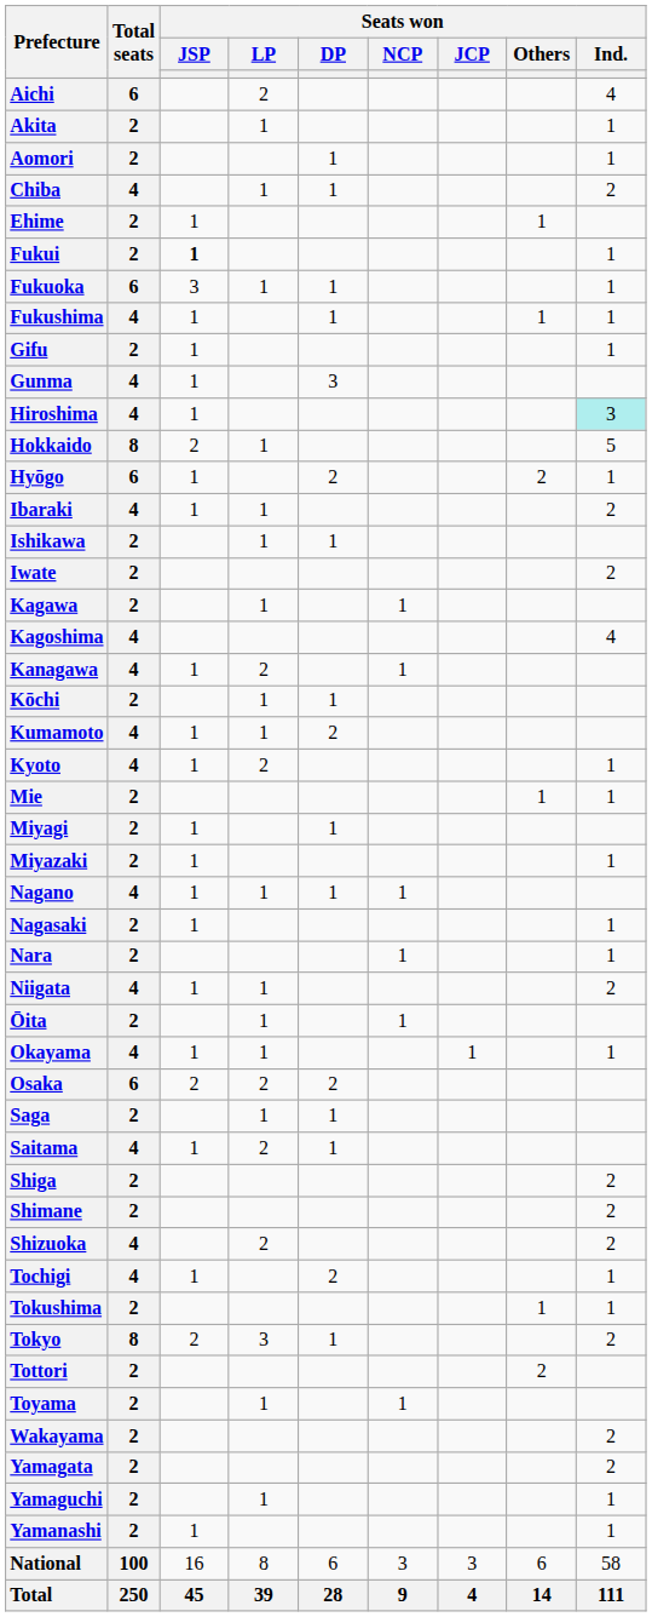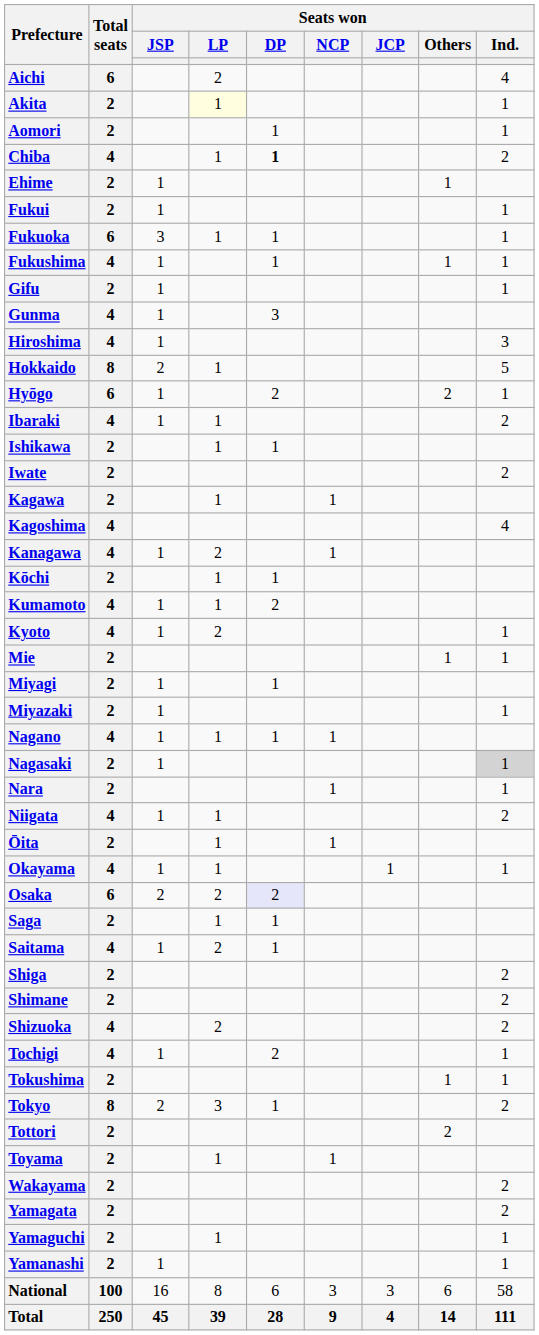 <table class="wikitable" style="text-align:center; font-size: 0.9em;">
 <tr>
 <th rowspan="3">Prefecture</th>
 <th rowspan="3">Total<br>seats</th>
 <th colspan="7">Seats won</th>
 </tr>
 <tr>
 <th class="unsortable" style="width:45px;"><a href='#'>JSP</a></th>
 <th class="unsortable" style="width:45px;"><a href='#'>LP</a></th>
 <th class="unsortable" style="width:45px;"><a href='#'>DP</a></th>
 <th class="unsortable" style="width:45px;"><a href='#'>NCP</a></th>
 <th class="unsortable" style="width:45px;"><a href='#'>JCP</a></th>
 <th class="unsortable" style="width:45px;">Others</th>
 <th class="unsortable" style="width:45px;">Ind.</th>
 </tr>
 <tr>
 <th style="background:"></th>
 <th style="background:"></th>
 <th style="background:"></th>
 <th style="background:"></th>
 <th style="background:"></th>
 <th></th>
 <th style="background:"></th>
 </tr>
 <tr>
 <th style="text-align: left;"><a href='#'>Aichi</a></th>
 <th>6</th>
 <td></td>
 <td>2</td>
 <td></td>
 <td></td>
 <td></td>
 <td></td>
 <td>4</td>
 </tr>
 <tr>
 <th style="text-align: left;"><a href='#'>Akita</a></th>
 <th>2</th>
 <td></td>
-<td>1</td>
+<td style="background: lightyellow;">1</td>
 <td></td>
 <td></td>
 <td></td>
 <td></td>
 <td>1</td>
 </tr>
 <tr>
 <th style="text-align: left;"><a href='#'>Aomori</a></th>
 <th>2</th>
 <td></td>
 <td></td>
 <td>1</td>
 <td></td>
 <td></td>
 <td></td>
 <td>1</td>
 </tr>
 <tr>
 <th style="text-align: left;"><a href='#'>Chiba</a></th>
 <th>4</th>
 <td></td>
 <td>1</td>
-<td>1</td>
+<td><strong>1</strong></td>
 <td></td>
 <td></td>
 <td></td>
 <td>2</td>
 </tr>
 <tr>
 <th style="text-align: left;"><a href='#'>Ehime</a></th>
 <th>2</th>
 <td>1</td>
 <td></td>
 <td></td>
 <td></td>
 <td></td>
 <td>1</td>
 <td></td>
 </tr>
 <tr>
 <th style="text-align: left;"><a href='#'>Fukui</a></th>
 <th>2</th>
-<td><strong>1</strong></td>
+<td>1</td>
 <td></td>
 <td></td>
 <td></td>
 <td></td>
 <td></td>
 <td>1</td>
 </tr>
 <tr>
 <th style="text-align: left;"><a href='#'>Fukuoka</a></th>
 <th>6</th>
 <td>3</td>
 <td>1</td>
 <td>1</td>
 <td></td>
 <td></td>
 <td></td>
 <td>1</td>
 </tr>
 <tr>
 <th style="text-align: left;"><a href='#'>Fukushima</a></th>
 <th>4</th>
 <td>1</td>
 <td></td>
 <td>1</td>
 <td></td>
 <td></td>
 <td>1</td>
 <td>1</td>
 </tr>
 <tr>
 <th style="text-align: left;"><a href='#'>Gifu</a></th>
 <th>2</th>
 <td>1</td>
 <td></td>
 <td></td>
 <td></td>
 <td></td>
 <td></td>
 <td>1</td>
 </tr>
 <tr>
 <th style="text-align: left;"><a href='#'>Gunma</a></th>
 <th>4</th>
 <td>1</td>
 <td></td>
 <td>3</td>
 <td></td>
 <td></td>
 <td></td>
 <td></td>
 </tr>
 <tr>
 <th style="text-align: left;"><a href='#'>Hiroshima</a></th>
 <th>4</th>
 <td>1</td>
 <td></td>
 <td></td>
 <td></td>
 <td></td>
 <td></td>
-<td style="background: paleturquoise;">3</td>
+<td>3</td>
 </tr>
 <tr>
 <th style="text-align: left;"><a href='#'>Hokkaido</a></th>
 <th>8</th>
 <td>2</td>
 <td>1</td>
 <td></td>
 <td></td>
 <td></td>
 <td></td>
 <td>5</td>
 </tr>
 <tr>
 <th style="text-align: left;"><a href='#'>Hyōgo</a></th>
 <th>6</th>
 <td>1</td>
 <td></td>
 <td>2</td>
 <td></td>
 <td></td>
 <td>2</td>
 <td>1</td>
 </tr>
 <tr>
 <th style="text-align: left;"><a href='#'>Ibaraki</a></th>
 <th>4</th>
 <td>1</td>
 <td>1</td>
 <td></td>
 <td></td>
 <td></td>
 <td></td>
 <td>2</td>
 </tr>
 <tr>
 <th style="text-align: left;"><a href='#'>Ishikawa</a></th>
 <th>2</th>
 <td></td>
 <td>1</td>
 <td>1</td>
 <td></td>
 <td></td>
 <td></td>
 <td></td>
 </tr>
 <tr>
 <th style="text-align: left;"><a href='#'>Iwate</a></th>
 <th>2</th>
 <td></td>
 <td></td>
 <td></td>
 <td></td>
 <td></td>
 <td></td>
 <td>2</td>
 </tr>
 <tr>
 <th style="text-align: left;"><a href='#'>Kagawa</a></th>
 <th>2</th>
 <td></td>
 <td>1</td>
 <td></td>
 <td>1</td>
 <td></td>
 <td></td>
 <td></td>
 </tr>
 <tr>
 <th style="text-align: left;"><a href='#'>Kagoshima</a></th>
 <th>4</th>
 <td></td>
 <td></td>
 <td></td>
 <td></td>
 <td></td>
 <td></td>
 <td>4</td>
 </tr>
 <tr>
 <th style="text-align: left;"><a href='#'>Kanagawa</a></th>
 <th>4</th>
 <td>1</td>
 <td>2</td>
 <td></td>
 <td>1</td>
 <td></td>
 <td></td>
 <td></td>
 </tr>
 <tr>
 <th style="text-align: left;"><a href='#'>Kōchi</a></th>
 <th>2</th>
 <td></td>
 <td>1</td>
 <td>1</td>
 <td></td>
 <td></td>
 <td></td>
 <td></td>
 </tr>
 <tr>
 <th style="text-align: left;"><a href='#'>Kumamoto</a></th>
 <th>4</th>
 <td>1</td>
 <td>1</td>
 <td>2</td>
 <td></td>
 <td></td>
 <td></td>
 <td></td>
 </tr>
 <tr>
 <th style="text-align: left;"><a href='#'>Kyoto</a></th>
 <th>4</th>
 <td>1</td>
 <td>2</td>
 <td></td>
 <td></td>
 <td></td>
 <td></td>
 <td>1</td>
 </tr>
 <tr>
 <th style="text-align: left;"><a href='#'>Mie</a></th>
 <th>2</th>
 <td></td>
 <td></td>
 <td></td>
 <td></td>
 <td></td>
 <td>1</td>
 <td>1</td>
 </tr>
 <tr>
 <th style="text-align: left;"><a href='#'>Miyagi</a></th>
 <th>2</th>
 <td>1</td>
 <td></td>
 <td>1</td>
 <td></td>
 <td></td>
 <td></td>
 <td></td>
 </tr>
 <tr>
 <th style="text-align: left;"><a href='#'>Miyazaki</a></th>
 <th>2</th>
 <td>1</td>
 <td></td>
 <td></td>
 <td></td>
 <td></td>
 <td></td>
 <td>1</td>
 </tr>
 <tr>
 <th style="text-align: left;"><a href='#'>Nagano</a></th>
 <th>4</th>
 <td>1</td>
 <td>1</td>
 <td>1</td>
 <td>1</td>
 <td></td>
 <td></td>
 <td></td>
 </tr>
 <tr>
 <th style="text-align: left;"><a href='#'>Nagasaki</a></th>
 <th>2</th>
 <td>1</td>
 <td></td>
 <td></td>
 <td></td>
 <td></td>
 <td></td>
-<td>1</td>
+<td style="background: lightgrey;">1</td>
 </tr>
 <tr>
 <th style="text-align: left;"><a href='#'>Nara</a></th>
 <th>2</th>
 <td></td>
 <td></td>
 <td></td>
 <td>1</td>
 <td></td>
 <td></td>
 <td>1</td>
 </tr>
 <tr>
 <th style="text-align: left;"><a href='#'>Niigata</a></th>
 <th>4</th>
 <td>1</td>
 <td>1</td>
 <td></td>
 <td></td>
 <td></td>
 <td></td>
 <td>2</td>
 </tr>
 <tr>
 <th style="text-align: left;"><a href='#'>Ōita</a></th>
 <th>2</th>
 <td></td>
 <td>1</td>
 <td></td>
 <td>1</td>
 <td></td>
 <td></td>
 <td></td>
 </tr>
 <tr>
 <th style="text-align: left;"><a href='#'>Okayama</a></th>
 <th>4</th>
 <td>1</td>
 <td>1</td>
 <td></td>
 <td></td>
 <td>1</td>
 <td></td>
 <td>1</td>
 </tr>
 <tr>
 <th style="text-align: left;"><a href='#'>Osaka</a></th>
 <th>6</th>
 <td>2</td>
 <td>2</td>
-<td>2</td>
+<td style="background: lavender;">2</td>
 <td></td>
 <td></td>
 <td></td>
 <td></td>
 </tr>
 <tr>
 <th style="text-align: left;"><a href='#'>Saga</a></th>
 <th>2</th>
 <td></td>
 <td>1</td>
 <td>1</td>
 <td></td>
 <td></td>
 <td></td>
 <td></td>
 </tr>
 <tr>
 <th style="text-align: left;"><a href='#'>Saitama</a></th>
 <th>4</th>
 <td>1</td>
 <td>2</td>
 <td>1</td>
 <td></td>
 <td></td>
 <td></td>
 <td></td>
 </tr>
 <tr>
 <th style="text-align: left;"><a href='#'>Shiga</a></th>
 <th>2</th>
 <td></td>
 <td></td>
 <td></td>
 <td></td>
 <td></td>
 <td></td>
 <td>2</td>
 </tr>
 <tr>
 <th style="text-align: left;"><a href='#'>Shimane</a></th>
 <th>2</th>
 <td></td>
 <td></td>
 <td></td>
 <td></td>
 <td></td>
 <td></td>
 <td>2</td>
 </tr>
 <tr>
 <th style="text-align: left;"><a href='#'>Shizuoka</a></th>
 <th>4</th>
 <td></td>
 <td>2</td>
 <td></td>
 <td></td>
 <td></td>
 <td></td>
 <td>2</td>
 </tr>
 <tr>
 <th style="text-align: left;"><a href='#'>Tochigi</a></th>
 <th>4</th>
 <td>1</td>
 <td></td>
 <td>2</td>
 <td></td>
 <td></td>
 <td></td>
 <td>1</td>
 </tr>
 <tr>
 <th style="text-align: left;"><a href='#'>Tokushima</a></th>
 <th>2</th>
 <td></td>
 <td></td>
 <td></td>
 <td></td>
 <td></td>
 <td>1</td>
 <td>1</td>
 </tr>
 <tr>
 <th style="text-align: left;"><a href='#'>Tokyo</a></th>
 <th>8</th>
 <td>2</td>
 <td>3</td>
 <td>1</td>
 <td></td>
 <td></td>
 <td></td>
 <td>2</td>
 </tr>
 <tr>
 <th style="text-align: left;"><a href='#'>Tottori</a></th>
 <th>2</th>
 <td></td>
 <td></td>
 <td></td>
 <td></td>
 <td></td>
 <td>2</td>
 <td></td>
 </tr>
 <tr>
 <th style="text-align: left;"><a href='#'>Toyama</a></th>
 <th>2</th>
 <td></td>
 <td>1</td>
 <td></td>
 <td>1</td>
 <td></td>
 <td></td>
 <td></td>
 </tr>
 <tr>
 <th style="text-align: left;"><a href='#'>Wakayama</a></th>
 <th>2</th>
 <td></td>
 <td></td>
 <td></td>
 <td></td>
 <td></td>
 <td></td>
 <td>2</td>
 </tr>
 <tr>
 <th style="text-align: left;"><a href='#'>Yamagata</a></th>
 <th>2</th>
 <td></td>
 <td></td>
 <td></td>
 <td></td>
 <td></td>
 <td></td>
 <td>2</td>
 </tr>
 <tr>
 <th style="text-align: left;"><a href='#'>Yamaguchi</a></th>
 <th>2</th>
 <td></td>
 <td>1</td>
 <td></td>
 <td></td>
 <td></td>
 <td></td>
 <td>1</td>
 </tr>
 <tr>
 <th style="text-align: left;"><a href='#'>Yamanashi</a></th>
 <th>2</th>
 <td>1</td>
 <td></td>
 <td></td>
 <td></td>
 <td></td>
 <td></td>
 <td>1</td>
 </tr>
 <tr>
 <th style="text-align: left;">National</th>
 <th>100</th>
 <td>16</td>
 <td>8</td>
 <td>6</td>
 <td>3</td>
 <td>3</td>
 <td>6</td>
 <td>58</td>
 </tr>
 <tr class="sortbottom">
 <th style="text-align: left;">Total</th>
 <th>250</th>
 <th>45</th>
 <th>39</th>
 <th>28</th>
 <th>9</th>
 <th>4</th>
 <th>14</th>
 <th>111</th>
 </tr>
 </table>
